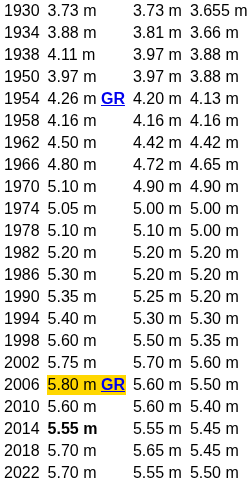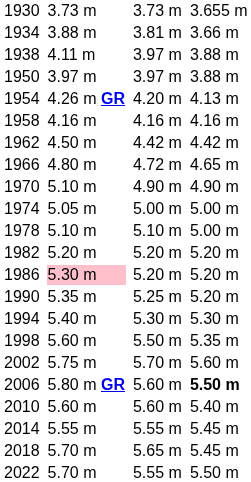 <table>
 <tr>
 <td>1930</td>
 <td></td>
 <td>3.73 m</td>
 <td></td>
 <td>3.73 m</td>
 <td></td>
 <td>3.655 m</td>
 </tr>
 <tr>
 <td>1934</td>
 <td></td>
 <td>3.88 m</td>
 <td></td>
 <td>3.81 m</td>
 <td></td>
 <td>3.66 m</td>
 </tr>
 <tr>
 <td>1938</td>
 <td></td>
 <td>4.11 m</td>
 <td></td>
 <td>3.97 m</td>
 <td></td>
 <td>3.88 m</td>
 </tr>
 <tr>
 <td>1950</td>
 <td></td>
 <td>3.97 m</td>
 <td></td>
 <td>3.97 m</td>
 <td></td>
 <td>3.88 m</td>
 </tr>
 <tr>
 <td>1954</td>
 <td></td>
 <td>4.26 m <strong><a href='#'>GR</a></strong></td>
 <td></td>
 <td>4.20 m</td>
 <td></td>
 <td>4.13 m</td>
 </tr>
 <tr>
 <td>1958</td>
 <td></td>
 <td>4.16 m</td>
 <td></td>
 <td>4.16 m</td>
 <td></td>
 <td>4.16 m</td>
 </tr>
 <tr>
 <td>1962</td>
 <td></td>
 <td>4.50 m</td>
 <td></td>
 <td>4.42 m</td>
 <td></td>
 <td>4.42 m</td>
 </tr>
 <tr>
 <td>1966</td>
 <td></td>
 <td>4.80 m</td>
 <td></td>
 <td>4.72 m</td>
 <td></td>
 <td>4.65 m</td>
 </tr>
 <tr>
 <td>1970</td>
 <td></td>
 <td>5.10 m</td>
 <td></td>
 <td>4.90 m</td>
 <td></td>
 <td>4.90 m</td>
 </tr>
 <tr>
 <td>1974</td>
 <td></td>
 <td>5.05 m</td>
 <td></td>
 <td>5.00 m</td>
 <td></td>
 <td>5.00 m</td>
 </tr>
 <tr>
 <td>1978</td>
 <td></td>
 <td>5.10 m</td>
 <td></td>
 <td>5.10 m</td>
 <td></td>
 <td>5.00 m</td>
 </tr>
 <tr>
 <td>1982</td>
 <td></td>
 <td>5.20 m</td>
 <td></td>
 <td>5.20 m</td>
 <td></td>
 <td>5.20 m</td>
 </tr>
 <tr>
 <td>1986</td>
 <td></td>
-<td>5.30 m</td>
+<td style="background: pink;">5.30 m</td>
 <td></td>
 <td>5.20 m</td>
 <td></td>
 <td>5.20 m</td>
 </tr>
 <tr>
 <td>1990</td>
 <td></td>
 <td>5.35 m</td>
 <td></td>
 <td>5.25 m</td>
 <td></td>
 <td>5.20 m</td>
 </tr>
 <tr>
 <td>1994</td>
 <td></td>
 <td>5.40 m</td>
 <td></td>
 <td>5.30 m</td>
 <td></td>
 <td>5.30 m</td>
 </tr>
 <tr>
 <td>1998</td>
 <td></td>
 <td>5.60 m</td>
 <td></td>
 <td>5.50 m</td>
 <td></td>
 <td>5.35 m</td>
 </tr>
 <tr>
 <td>2002</td>
 <td></td>
 <td>5.75 m</td>
 <td></td>
 <td>5.70 m</td>
 <td></td>
 <td>5.60 m</td>
 </tr>
 <tr>
 <td>2006</td>
 <td></td>
-<td style="background: gold;">5.80 m <strong><a href='#'>GR</a></strong></td>
+<td>5.80 m <strong><a href='#'>GR</a></strong></td>
 <td></td>
 <td>5.60 m</td>
 <td></td>
-<td>5.50 m</td>
+<td><strong>5.50 m</strong></td>
 </tr>
 <tr>
 <td>2010</td>
 <td></td>
 <td>5.60 m</td>
 <td></td>
 <td>5.60 m</td>
 <td></td>
 <td>5.40 m</td>
 </tr>
 <tr>
 <td>2014</td>
 <td></td>
-<td><strong>5.55 m</strong></td>
+<td>5.55 m</td>
 <td></td>
 <td>5.55 m</td>
 <td></td>
 <td>5.45  m</td>
 </tr>
 <tr>
 <td>2018</td>
 <td></td>
 <td>5.70 m</td>
 <td></td>
 <td>5.65 m</td>
 <td></td>
 <td>5.45 m</td>
 </tr>
 <tr>
 <td>2022</td>
 <td></td>
 <td>5.70 m</td>
 <td></td>
 <td>5.55 m</td>
 <td></td>
 <td>5.50 m</td>
 </tr>
 </table>
